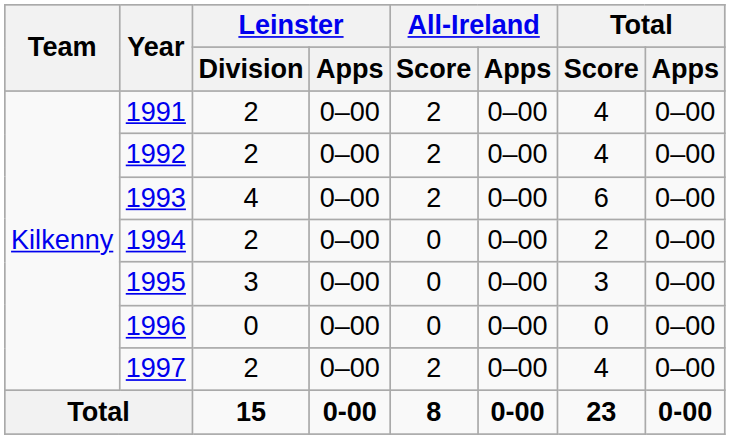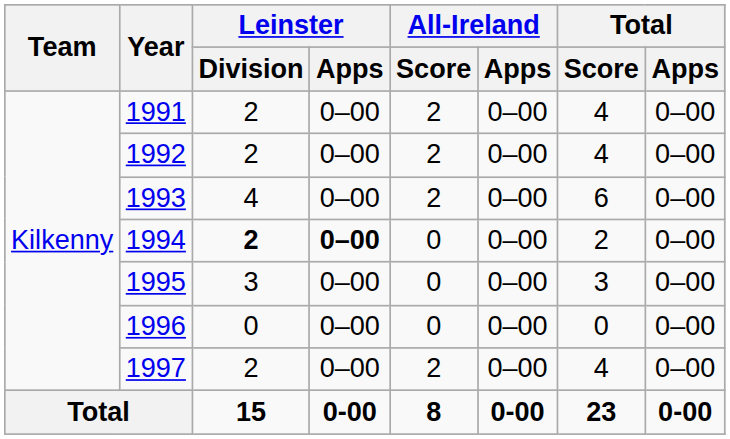 <table class="wikitable" style="text-align:center">
 <tr>
 <th rowspan="2">Team</th>
 <th rowspan="2">Year</th>
 <th colspan="2"><a href='#'>Leinster</a></th>
 <th colspan="2"><a href='#'>All-Ireland</a></th>
 <th colspan="2">Total</th>
 </tr>
 <tr>
 <th>Division</th>
 <th>Apps</th>
 <th>Score</th>
 <th>Apps</th>
 <th>Score</th>
 <th>Apps</th>
 </tr>
 <tr>
 <td rowspan="7"><a href='#'>Kilkenny</a></td>
 <td><a href='#'>1991</a></td>
 <td>2</td>
 <td>0–00</td>
 <td>2</td>
 <td>0–00</td>
 <td>4</td>
 <td>0–00</td>
 </tr>
 <tr>
 <td><a href='#'>1992</a></td>
 <td>2</td>
 <td>0–00</td>
 <td>2</td>
 <td>0–00</td>
 <td>4</td>
 <td>0–00</td>
 </tr>
 <tr>
 <td><a href='#'>1993</a></td>
 <td>4</td>
 <td>0–00</td>
 <td>2</td>
 <td>0–00</td>
 <td>6</td>
 <td>0–00</td>
 </tr>
 <tr>
 <td><a href='#'>1994</a></td>
-<td>2</td>
-<td>0–00</td>
+<td><strong>2</strong></td>
+<td><strong>0–00</strong></td>
 <td>0</td>
 <td>0–00</td>
 <td>2</td>
 <td>0–00</td>
 </tr>
 <tr>
 <td><a href='#'>1995</a></td>
 <td>3</td>
 <td>0–00</td>
 <td>0</td>
 <td>0–00</td>
 <td>3</td>
 <td>0–00</td>
 </tr>
 <tr>
 <td><a href='#'>1996</a></td>
 <td>0</td>
 <td>0–00</td>
 <td>0</td>
 <td>0–00</td>
 <td>0</td>
 <td>0–00</td>
 </tr>
 <tr>
 <td><a href='#'>1997</a></td>
 <td>2</td>
 <td>0–00</td>
 <td>2</td>
 <td>0–00</td>
 <td>4</td>
 <td>0–00</td>
 </tr>
 <tr>
 <th colspan="2">Total</th>
 <td><strong>15</strong></td>
 <td><strong>0-00</strong></td>
 <td><strong>8</strong></td>
 <td><strong>0-00</strong></td>
 <td><strong>23</strong></td>
 <td><strong>0-00</strong></td>
 </tr>
 </table>
